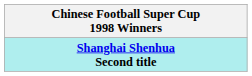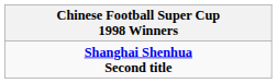 <table class="wikitable" style="text-align: center; margin: 0 auto; width: 20%">
 <tr>
 <th>Chinese Football Super Cup <br>1998 Winners</th>
 </tr>
 <tr>
-<td style="background: paleturquoise;"><strong><a href='#'>Shanghai Shenhua</a></strong><br><strong>Second title</strong></td>
+<td><strong><a href='#'>Shanghai Shenhua</a></strong><br><strong>Second title</strong></td>
 </tr>
 </table>
